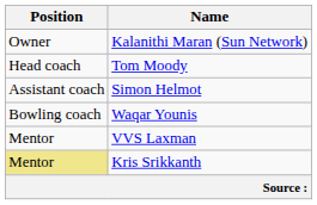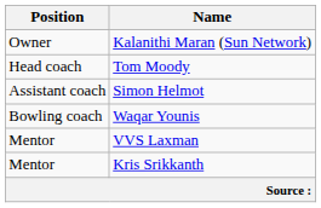 <table class="wikitable">
 <tr>
 <th>Position</th>
 <th>Name</th>
 </tr>
 <tr>
 <td>Owner</td>
 <td><a href='#'>Kalanithi Maran</a> (<a href='#'>Sun Network</a>)</td>
 </tr>
 <tr>
 <td>Head coach</td>
 <td><a href='#'>Tom Moody</a></td>
 </tr>
 <tr>
 <td>Assistant coach</td>
 <td><a href='#'>Simon Helmot</a></td>
 </tr>
 <tr>
 <td>Bowling coach</td>
 <td><a href='#'>Waqar Younis</a></td>
 </tr>
 <tr>
 <td>Mentor</td>
 <td><a href='#'>VVS Laxman</a></td>
 </tr>
 <tr>
-<td style="background: khaki;">Mentor</td>
+<td>Mentor</td>
 <td><a href='#'>Kris Srikkanth</a></td>
 </tr>
 <tr>
 <th colspan="3" style="text-align:right;"><small>Source :</small></th>
 </tr>
 </table>
